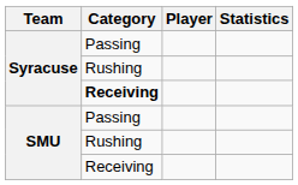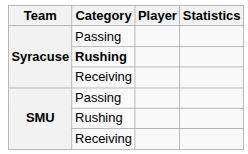 <table class="wikitable" style="float:right">
 <tr>
 <th>Team</th>
 <th>Category</th>
 <th>Player</th>
 <th>Statistics</th>
 </tr>
 <tr>
 <th rowspan=3>Syracuse</th>
 <td>Passing</td>
 <td></td>
 <td></td>
 </tr>
 <tr>
-<td>Rushing</td>
+<td><strong>Rushing</strong></td>
 <td></td>
 <td></td>
 </tr>
 <tr>
-<td><strong>Receiving</strong></td>
+<td>Receiving</td>
 <td></td>
 <td></td>
 </tr>
 <tr>
 <th rowspan=3>SMU</th>
 <td>Passing</td>
 <td></td>
 <td></td>
 </tr>
 <tr>
 <td>Rushing</td>
 <td></td>
 <td></td>
 </tr>
 <tr>
 <td>Receiving</td>
 <td></td>
 <td></td>
 </tr>
 </table>
